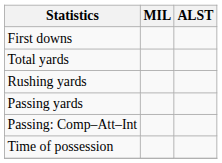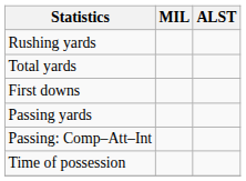 <table class="wikitable" style="float: left;">
 <tr>
 <th>Statistics</th>
 <th>MIL</th>
 <th>ALST</th>
 </tr>
 <tr>
-<td>First downs</td>
+<td>Rushing yards</td>
 <td></td>
 <td></td>
 </tr>
 <tr>
 <td>Total yards</td>
 <td></td>
 <td></td>
 </tr>
 <tr>
-<td>Rushing yards</td>
+<td>First downs</td>
 <td></td>
 <td></td>
 </tr>
 <tr>
 <td>Passing yards</td>
 <td></td>
 <td></td>
 </tr>
 <tr>
 <td>Passing: Comp–Att–Int</td>
 <td></td>
 <td></td>
 </tr>
 <tr>
 <td>Time of possession</td>
 <td></td>
 <td></td>
 </tr>
 <tr>
 </tr>
 </table>
